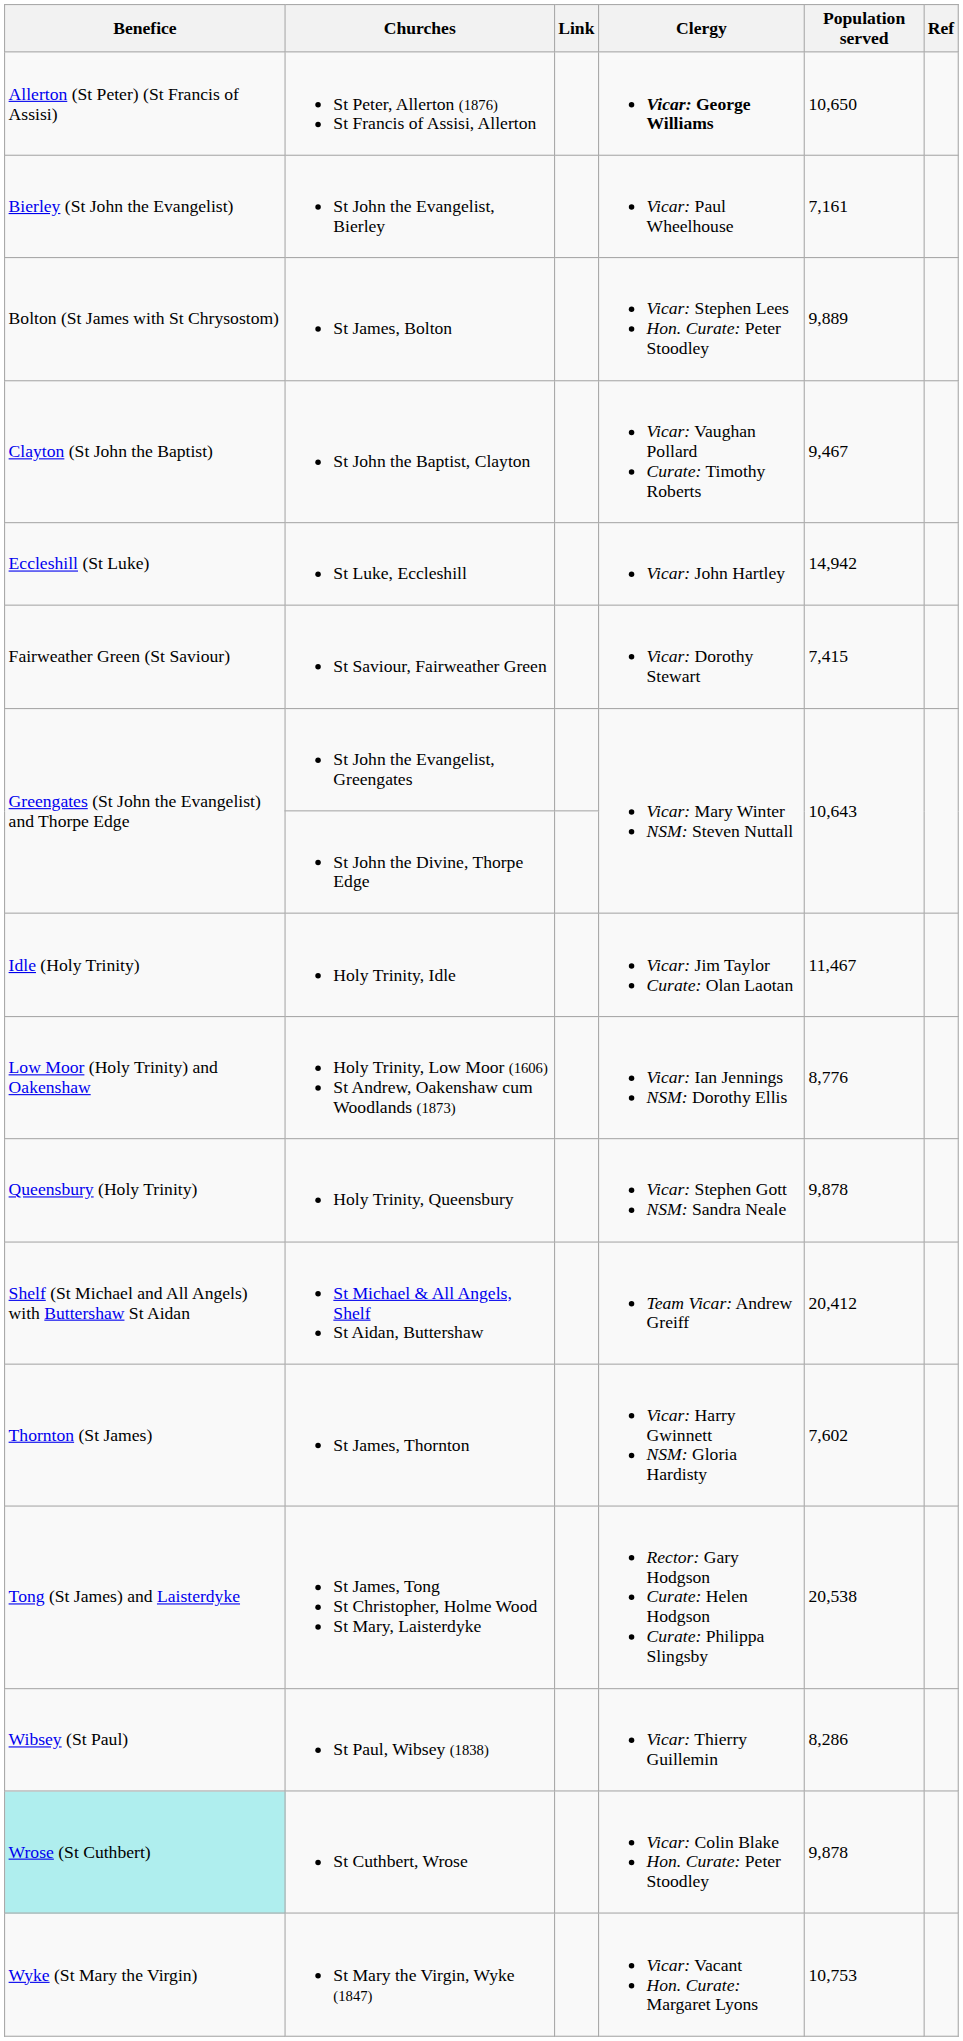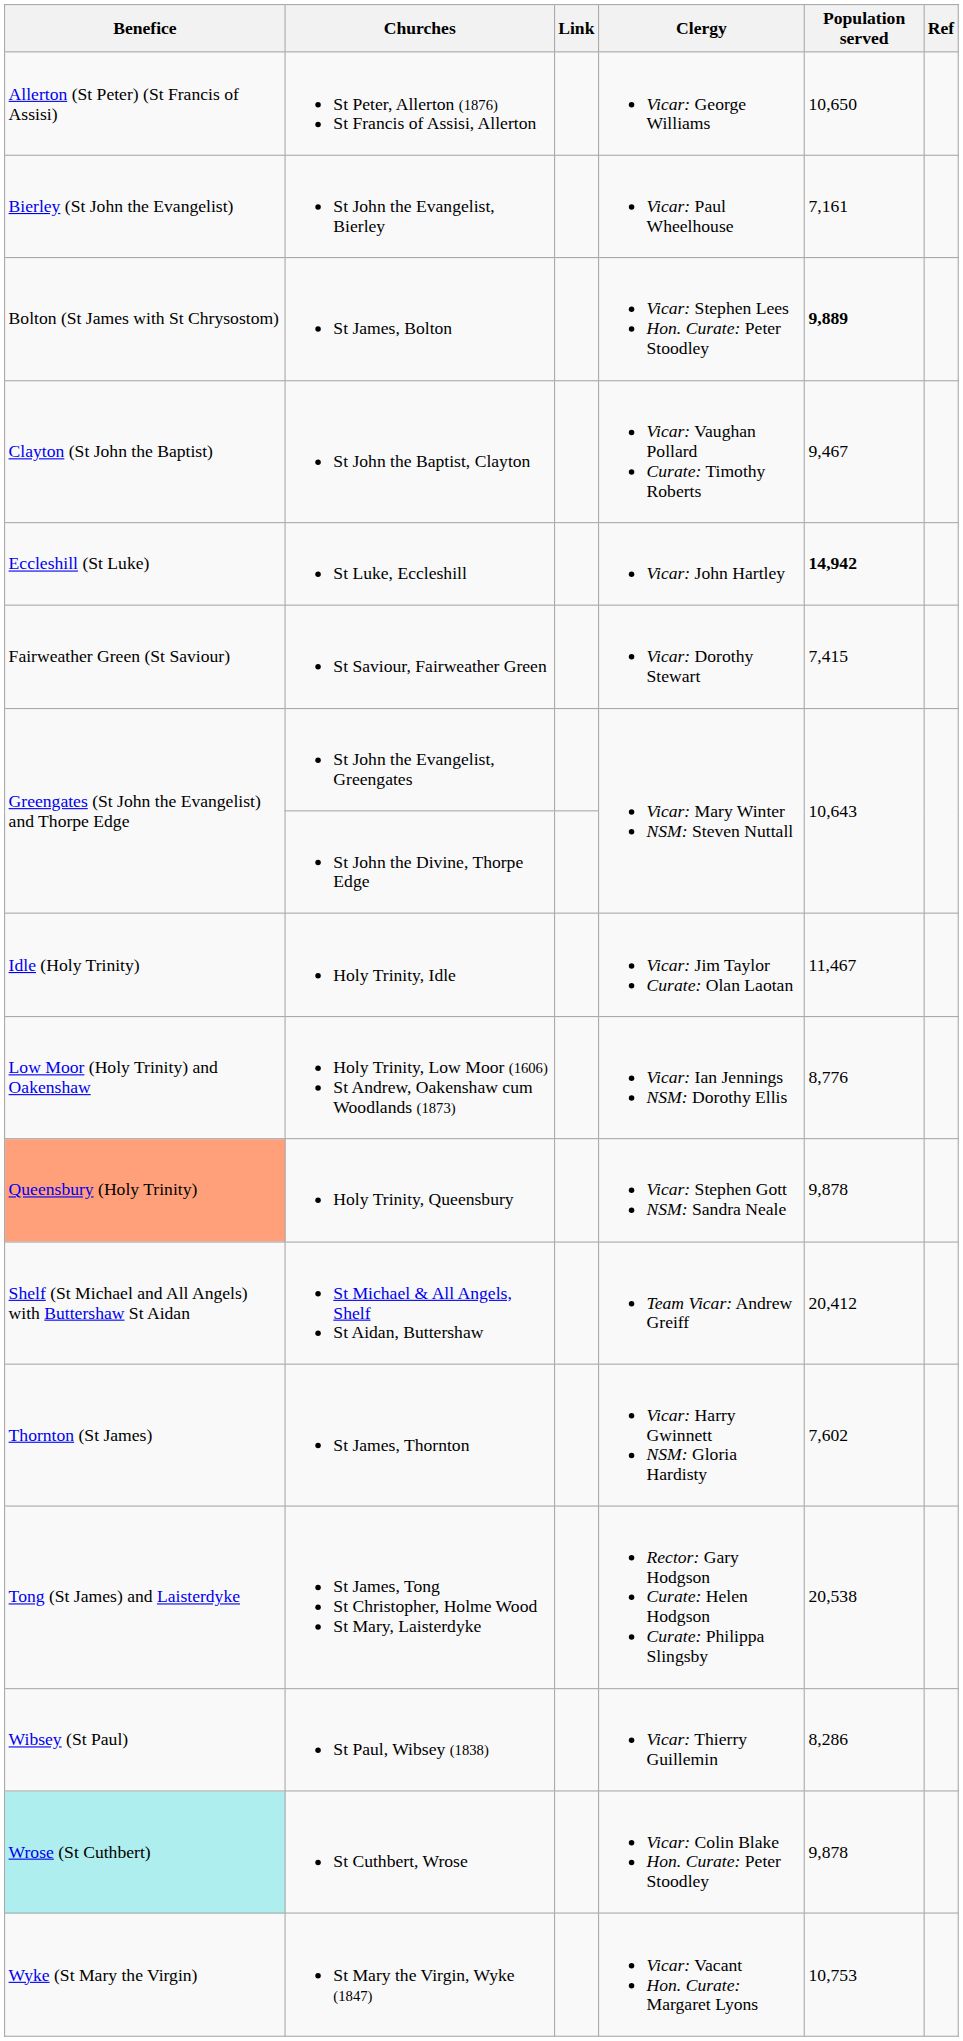 <table class="wikitable">
 <tr>
 <th>Benefice</th>
 <th>Churches</th>
 <th>Link</th>
 <th>Clergy</th>
 <th>Population served</th>
 <th>Ref</th>
 </tr>
 <tr>
 <td><a href='#'>Allerton</a> (St Peter) (St Francis of Assisi)</td>
 <td><br><ul><li>St Peter, Allerton <small>(1876)</small></li><li>St Francis of Assisi, Allerton</li></ul></td>
 <td></td>
-<td><strong><br><ul><li><em>Vicar:</em> George Williams</li></ul></strong></td>
+<td><br><ul><li><em>Vicar:</em> George Williams</li></ul></td>
 <td>10,650</td>
 <td></td>
 </tr>
 <tr>
 <td><a href='#'>Bierley</a> (St John the Evangelist)</td>
 <td><br><ul><li>St John the Evangelist, Bierley</li></ul></td>
 <td></td>
 <td><br><ul><li><em>Vicar:</em> Paul Wheelhouse</li></ul></td>
 <td>7,161</td>
 <td></td>
 </tr>
 <tr>
 <td>Bolton (St James with St Chrysostom)</td>
 <td><br><ul><li>St James, Bolton</li></ul></td>
 <td></td>
 <td><br><ul><li><em>Vicar:</em> Stephen Lees</li><li><em>Hon. Curate:</em> Peter Stoodley</li></ul></td>
-<td>9,889</td>
+<td><strong>9,889</strong></td>
 <td></td>
 </tr>
 <tr>
 <td><a href='#'>Clayton</a> (St John the Baptist)</td>
 <td><br><ul><li>St John the Baptist, Clayton</li></ul></td>
 <td></td>
 <td><br><ul><li><em>Vicar:</em> Vaughan Pollard</li><li><em>Curate:</em> Timothy Roberts</li></ul></td>
 <td>9,467</td>
 <td></td>
 </tr>
 <tr>
 <td><a href='#'>Eccleshill</a> (St Luke)</td>
 <td><br><ul><li>St Luke, Eccleshill</li></ul></td>
 <td></td>
 <td><br><ul><li><em>Vicar:</em> John Hartley</li></ul></td>
-<td>14,942</td>
+<td><strong>14,942</strong></td>
 <td></td>
 </tr>
 <tr>
 <td>Fairweather Green (St Saviour)</td>
 <td><br><ul><li>St Saviour, Fairweather Green</li></ul></td>
 <td></td>
 <td><br><ul><li><em>Vicar:</em> Dorothy Stewart</li></ul></td>
 <td>7,415</td>
 <td></td>
 </tr>
 <tr>
 <td rowspan="2"><a href='#'>Greengates</a> (St John the Evangelist) and Thorpe Edge</td>
 <td><br><ul><li>St John the Evangelist, Greengates</li></ul></td>
 <td></td>
 <td rowspan="2"><br><ul><li><em>Vicar:</em> Mary Winter</li><li><em>NSM:</em> Steven Nuttall</li></ul></td>
 <td rowspan="2">10,643</td>
 <td rowspan="2"></td>
 </tr>
 <tr>
 <td><br><ul><li>St John the Divine, Thorpe Edge</li></ul></td>
 <td></td>
 </tr>
 <tr>
 <td><a href='#'>Idle</a> (Holy Trinity)</td>
 <td><br><ul><li>Holy Trinity, Idle</li></ul></td>
 <td></td>
 <td><br><ul><li><em>Vicar:</em> Jim Taylor</li><li><em>Curate:</em> Olan Laotan</li></ul></td>
 <td>11,467</td>
 <td></td>
 </tr>
 <tr>
 <td><a href='#'>Low Moor</a> (Holy Trinity) and <a href='#'>Oakenshaw</a></td>
 <td><br><ul><li>Holy Trinity, Low Moor <small>(1606)</small></li><li>St Andrew, Oakenshaw cum Woodlands <small>(1873)</small></li></ul></td>
 <td></td>
 <td><br><ul><li><em>Vicar:</em> Ian Jennings</li><li><em>NSM:</em> Dorothy Ellis</li></ul></td>
 <td>8,776</td>
 <td></td>
 </tr>
 <tr>
-<td><a href='#'>Queensbury</a> (Holy Trinity)</td>
+<td style="background: lightsalmon;"><a href='#'>Queensbury</a> (Holy Trinity)</td>
 <td><br><ul><li>Holy Trinity, Queensbury</li></ul></td>
 <td></td>
 <td><br><ul><li><em>Vicar:</em> Stephen Gott</li><li><em>NSM:</em> Sandra Neale</li></ul></td>
 <td>9,878</td>
 <td></td>
 </tr>
 <tr>
 <td><a href='#'>Shelf</a> (St Michael and All Angels) with <a href='#'>Buttershaw</a> St Aidan</td>
 <td><br><ul><li><a href='#'>St Michael & All Angels, Shelf</a></li><li>St Aidan, Buttershaw</li></ul></td>
 <td></td>
 <td><br><ul><li><em>Team Vicar:</em> Andrew Greiff</li></ul></td>
 <td>20,412</td>
 <td></td>
 </tr>
 <tr>
 <td><a href='#'>Thornton</a> (St James)</td>
 <td><br><ul><li>St James, Thornton</li></ul></td>
 <td></td>
 <td><br><ul><li><em>Vicar:</em> Harry Gwinnett</li><li><em>NSM:</em> Gloria Hardisty</li></ul></td>
 <td>7,602</td>
 <td></td>
 </tr>
 <tr>
 <td><a href='#'>Tong</a> (St James) and <a href='#'>Laisterdyke</a></td>
 <td><br><ul><li>St James, Tong</li><li>St Christopher, Holme Wood</li><li>St Mary, Laisterdyke</li></ul></td>
 <td></td>
 <td><br><ul><li><em>Rector:</em> Gary Hodgson</li><li><em>Curate:</em> Helen Hodgson</li><li><em>Curate:</em> Philippa Slingsby</li></ul></td>
 <td>20,538</td>
 <td></td>
 </tr>
 <tr>
 <td><a href='#'>Wibsey</a> (St Paul)</td>
 <td><br><ul><li>St Paul, Wibsey <small>(1838)</small></li></ul></td>
 <td></td>
 <td><br><ul><li><em>Vicar:</em> Thierry Guillemin</li></ul></td>
 <td>8,286</td>
 <td></td>
 </tr>
 <tr>
 <td style="background: paleturquoise;"><a href='#'>Wrose</a> (St Cuthbert)</td>
 <td><br><ul><li>St Cuthbert, Wrose</li></ul></td>
 <td></td>
 <td><br><ul><li><em>Vicar:</em> Colin Blake</li><li><em>Hon. Curate:</em> Peter Stoodley</li></ul></td>
 <td>9,878</td>
 <td></td>
 </tr>
 <tr>
 <td><a href='#'>Wyke</a> (St Mary the Virgin)</td>
 <td><br><ul><li>St Mary the Virgin, Wyke <small>(1847)</small></li></ul></td>
 <td></td>
 <td><br><ul><li><em>Vicar:</em> Vacant</li><li><em>Hon. Curate:</em> Margaret Lyons</li></ul></td>
 <td>10,753</td>
 <td></td>
 </tr>
 </table>
